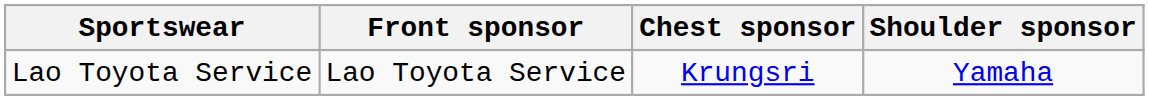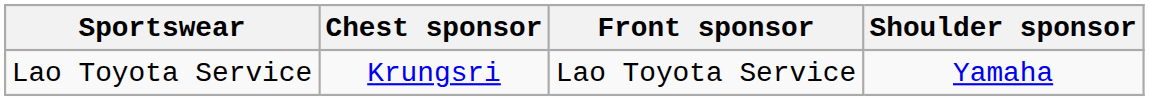 <table class="wikitable" style="text-align: center">
 <tr>
 <th>Sportswear</th>
+<th>Chest sponsor</th>
 <th>Front sponsor</th>
-<th>Chest sponsor</th>
 <th>Shoulder sponsor</th>
 </tr>
 <tr>
 <td>Lao Toyota Service</td>
+<td><a href='#'>Krungsri</a></td>
 <td>Lao Toyota Service</td>
-<td><a href='#'>Krungsri</a></td>
 <td><a href='#'>Yamaha</a></td>
 </tr>
 </table>
